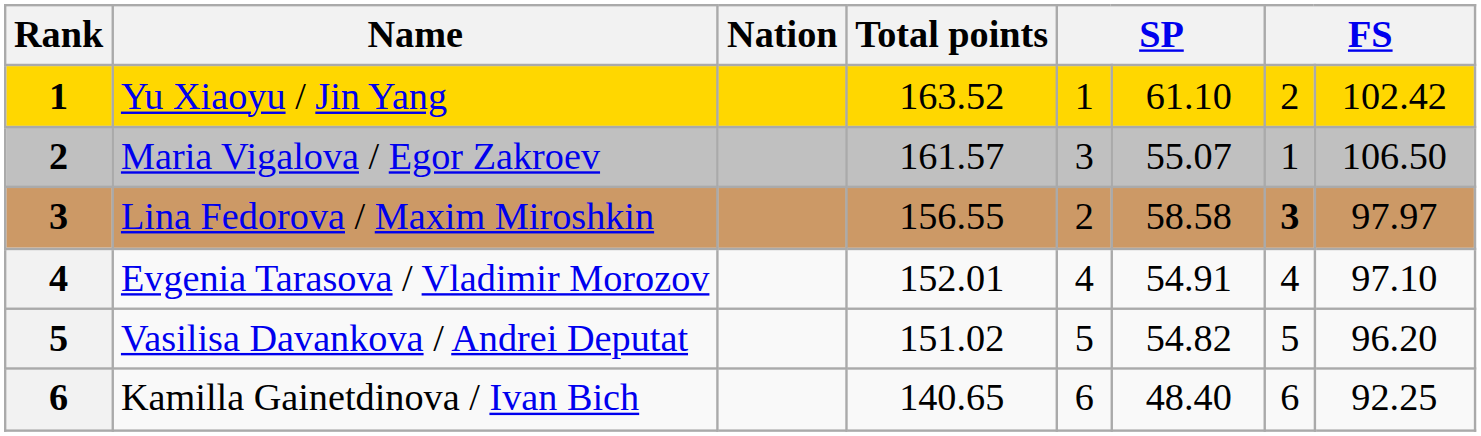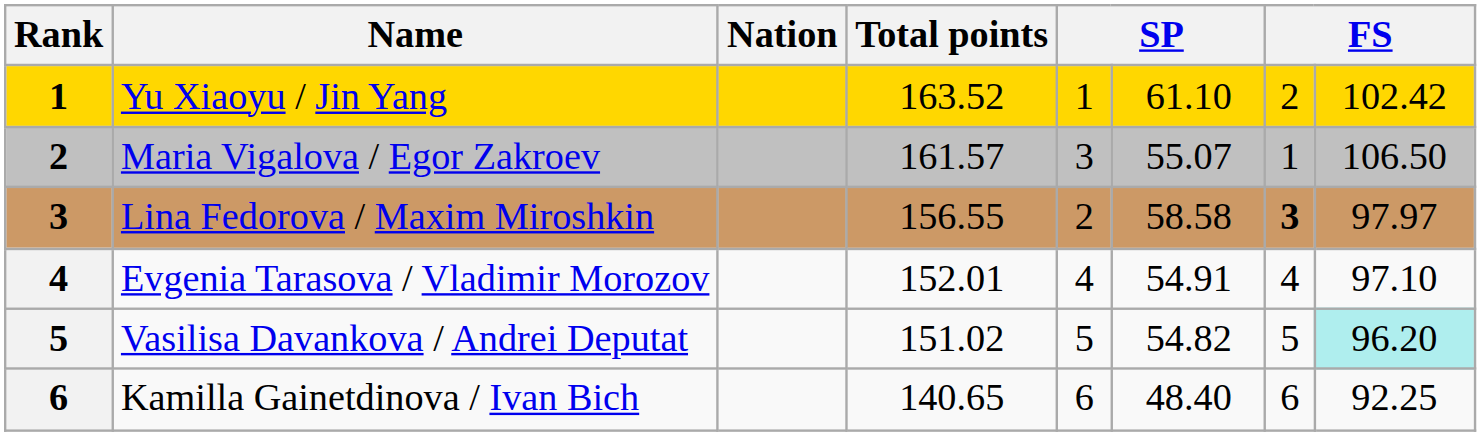 <table class="wikitable sortable">
 <tr>
 <th>Rank</th>
 <th>Name</th>
 <th>Nation</th>
 <th>Total points</th>
 <th colspan="2" width="80px"><a href='#'>SP</a></th>
 <th colspan="2" width="80px"><a href='#'>FS</a></th>
 </tr>
 <tr bgcolor="gold">
 <td align="center"><strong>1</strong></td>
 <td><a href='#'>Yu Xiaoyu</a> / <a href='#'>Jin Yang</a></td>
 <td></td>
 <td align="center">163.52</td>
 <td align="center">1</td>
 <td align="center">61.10</td>
 <td align="center">2</td>
 <td align="center">102.42</td>
 </tr>
 <tr bgcolor="silver">
 <td align="center"><strong>2</strong></td>
 <td><a href='#'>Maria Vigalova</a> / <a href='#'>Egor Zakroev</a></td>
 <td></td>
 <td align="center">161.57</td>
 <td align="center">3</td>
 <td align="center">55.07</td>
 <td align="center">1</td>
 <td align="center">106.50</td>
 </tr>
 <tr bgcolor="cc9966">
 <td align="center"><strong>3</strong></td>
 <td><a href='#'>Lina Fedorova</a> / <a href='#'>Maxim Miroshkin</a></td>
 <td></td>
 <td align="center">156.55</td>
 <td align="center">2</td>
 <td align="center">58.58</td>
 <td align="center"><strong>3</strong></td>
 <td align="center">97.97</td>
 </tr>
 <tr>
 <th>4</th>
 <td><a href='#'>Evgenia Tarasova</a> / <a href='#'>Vladimir Morozov</a></td>
 <td></td>
 <td align="center">152.01</td>
 <td align="center">4</td>
 <td align="center">54.91</td>
 <td align="center">4</td>
 <td align="center">97.10</td>
 </tr>
 <tr>
 <th>5</th>
 <td><a href='#'>Vasilisa Davankova</a> / <a href='#'>Andrei Deputat</a></td>
 <td></td>
 <td align="center">151.02</td>
 <td align="center">5</td>
 <td align="center">54.82</td>
 <td align="center">5</td>
-<td align="center">96.20</td>
+<td align="center" style="background: paleturquoise;">96.20</td>
 </tr>
 <tr>
 <th>6</th>
 <td>Kamilla Gainetdinova / <a href='#'>Ivan Bich</a></td>
 <td></td>
 <td align="center">140.65</td>
 <td align="center">6</td>
 <td align="center">48.40</td>
 <td align="center">6</td>
 <td align="center">92.25</td>
 </tr>
 </table>
